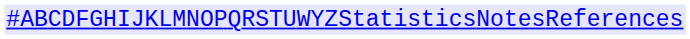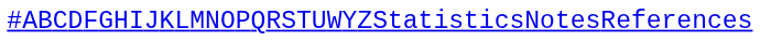 <table id="toc" class="toc" summary="Class">
 <tr>
 <th></th>
 </tr>
 <tr>
-<td style="background: lavender; text-align:center;"><a href='#'>#</a><a href='#'>A</a><a href='#'>B</a><a href='#'>C</a><a href='#'>D</a><a href='#'>F</a><a href='#'>G</a><a href='#'>H</a><a href='#'>I</a><a href='#'>J</a><a href='#'>K</a><a href='#'>L</a><a href='#'>M</a><a href='#'>N</a><a href='#'>O</a><a href='#'>P</a><a href='#'>Q</a><a href='#'>R</a><a href='#'>S</a><a href='#'>T</a><a href='#'>U</a><a href='#'>W</a><a href='#'>Y</a><a href='#'>Z</a><a href='#'>Statistics</a><a href='#'>Notes</a><a href='#'>References</a></td>
+<td style="text-align:center;"><a href='#'>#</a><a href='#'>A</a><a href='#'>B</a><a href='#'>C</a><a href='#'>D</a><a href='#'>F</a><a href='#'>G</a><a href='#'>H</a><a href='#'>I</a><a href='#'>J</a><a href='#'>K</a><a href='#'>L</a><a href='#'>M</a><a href='#'>N</a><a href='#'>O</a><a href='#'>P</a><a href='#'>Q</a><a href='#'>R</a><a href='#'>S</a><a href='#'>T</a><a href='#'>U</a><a href='#'>W</a><a href='#'>Y</a><a href='#'>Z</a><a href='#'>Statistics</a><a href='#'>Notes</a><a href='#'>References</a></td>
 </tr>
 </table>
